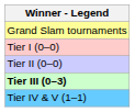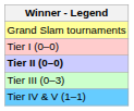 <table class="wikitable sortable mw-collapsible mw-collapsed">
 <tr>
 <th>Winner - Legend</th>
 </tr>
 <tr>
 <td align=center colspan=2 bgcolor=FFFF99>Grand Slam tournaments</td>
 </tr>
 <tr>
 <td bgcolor=ffcccc>Tier I (0–0)</td>
 </tr>
 <tr>
-<td bgcolor=ccccff>Tier II (0–0)</td>
+<td bgcolor=ccccff><strong>Tier II (0–0)</strong></td>
 </tr>
 <tr>
-<td bgcolor=CCFFCC><strong>Tier III (0–3)</strong></td>
+<td bgcolor=CCFFCC>Tier III (0–3)</td>
 </tr>
 <tr>
 <td bgcolor=66CCFF>Tier IV & V (1–1)</td>
 </tr>
 </table>
